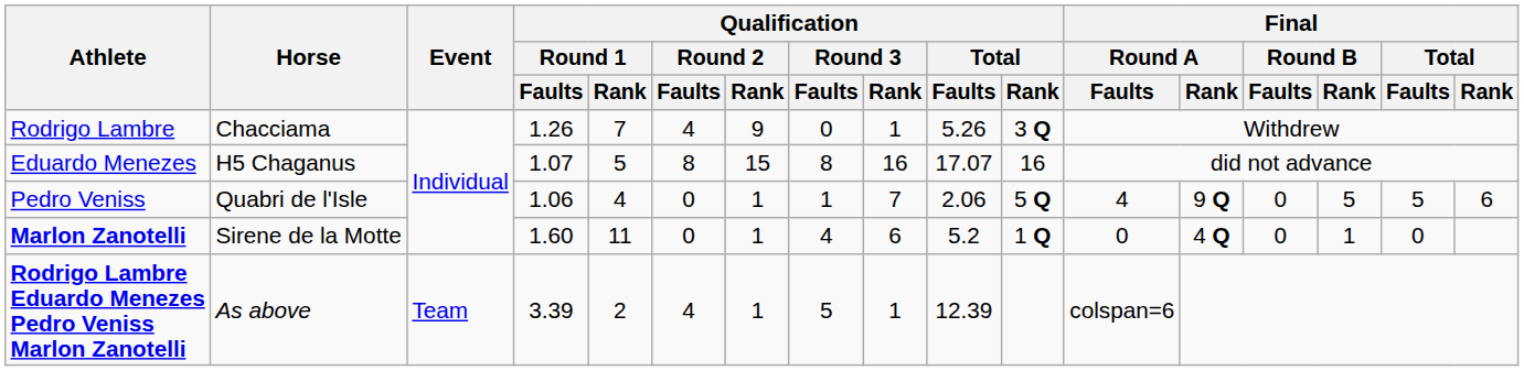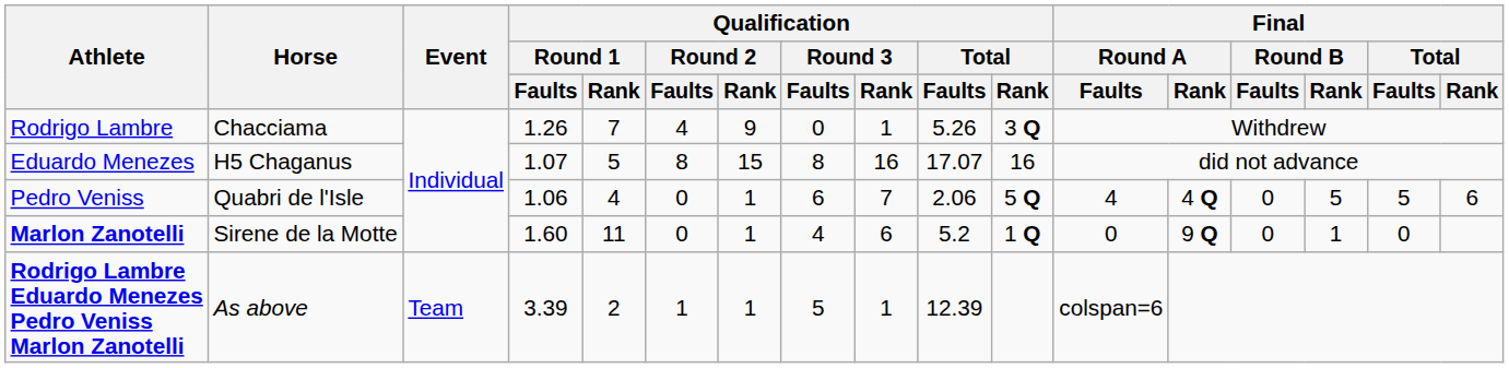 <table class=wikitable style=font-size:90%;text-align:center>
 <tr>
 <th rowspan=3>Athlete</th>
 <th rowspan=3>Horse</th>
 <th rowspan=3>Event</th>
 <th colspan=8>Qualification</th>
 <th colspan=6>Final</th>
 </tr>
 <tr style=font-size:95%>
 <th colspan=2>Round 1</th>
 <th colspan=2>Round 2</th>
 <th colspan=2>Round 3</th>
 <th colspan=2>Total</th>
 <th colspan=2>Round A</th>
 <th colspan=2>Round B</th>
 <th colspan=2>Total</th>
 </tr>
 <tr style=font-size:95%>
 <th>Faults</th>
 <th>Rank</th>
 <th>Faults</th>
 <th>Rank</th>
 <th>Faults</th>
 <th>Rank</th>
 <th>Faults</th>
 <th>Rank</th>
 <th>Faults</th>
 <th>Rank</th>
 <th>Faults</th>
 <th>Rank</th>
 <th>Faults</th>
 <th>Rank</th>
 </tr>
 <tr>
 <td align=left><a href='#'>Rodrigo Lambre</a></td>
 <td align=left>Chacciama</td>
 <td align=left rowspan=4><a href='#'>Individual</a></td>
 <td>1.26</td>
 <td>7</td>
 <td>4</td>
 <td>9</td>
 <td>0</td>
 <td>1</td>
 <td>5.26</td>
 <td>3 <strong>Q</strong></td>
 <td colspan=6>Withdrew</td>
 </tr>
 <tr>
 <td align=left><a href='#'>Eduardo Menezes</a></td>
 <td align=left>H5 Chaganus</td>
 <td>1.07</td>
 <td>5</td>
 <td>8</td>
 <td>15</td>
 <td>8</td>
 <td>16</td>
 <td>17.07</td>
 <td>16</td>
 <td colspan=6>did not advance</td>
 </tr>
 <tr>
 <td align=left><a href='#'>Pedro Veniss</a></td>
 <td align=left>Quabri de l'Isle</td>
 <td>1.06</td>
 <td>4</td>
 <td>0</td>
 <td>1</td>
-<td>1</td>
+<td>6</td>
 <td>7</td>
 <td>2.06</td>
 <td>5 <strong>Q</strong></td>
 <td>4</td>
-<td>9 <strong>Q</strong></td>
+<td>4 <strong>Q</strong></td>
 <td>0</td>
 <td>5</td>
 <td>5</td>
 <td>6</td>
 </tr>
 <tr>
 <td align=left><strong><a href='#'>Marlon Zanotelli</a></strong></td>
 <td align=left>Sirene de la Motte</td>
 <td>1.60</td>
 <td>11</td>
 <td>0</td>
 <td>1</td>
 <td>4</td>
 <td>6</td>
 <td>5.2</td>
 <td>1 <strong>Q</strong></td>
 <td>0</td>
-<td>4 <strong>Q</strong></td>
+<td>9 <strong>Q</strong></td>
 <td>0</td>
 <td>1</td>
 <td>0</td>
 <td></td>
 </tr>
 <tr>
 <td align=left><strong><a href='#'>Rodrigo Lambre</a></strong><br><strong><a href='#'>Eduardo Menezes</a></strong><br><strong><a href='#'>Pedro Veniss</a></strong><br><strong><a href='#'>Marlon Zanotelli</a></strong></td>
 <td align=left><em>As above</em></td>
 <td align=left><a href='#'>Team</a></td>
 <td>3.39</td>
 <td>2</td>
-<td>4</td>
+<td>1</td>
 <td>1</td>
 <td>5</td>
 <td>1</td>
 <td>12.39</td>
 <td></td>
 <td>colspan=6 </td>
 </tr>
 </table>
